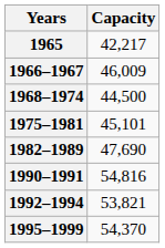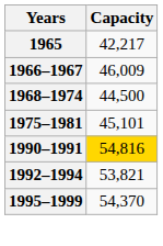 <table class="wikitable">
 <tr>
 <th scope="row">Years</th>
 <th scope="row">Capacity</th>
 </tr>
 <tr>
 <th scope="row">1965</th>
 <td style="text-align:center">42,217</td>
 </tr>
 <tr>
 <th scope="row">1966–1967</th>
 <td style="text-align:center">46,009</td>
 </tr>
 <tr>
 <th scope="row">1968–1974</th>
 <td style="text-align:center">44,500</td>
 </tr>
 <tr>
 <th scope="row">1975–1981</th>
 <td style="text-align:center">45,101</td>
 </tr>
 <tr>
-<th scope="row">1982–1989</th>
-<td style="text-align:center">47,690</td>
-</tr>
-<tr>
 <th scope="row">1990–1991</th>
-<td style="text-align:center">54,816</td>
+<td style="background: gold; text-align:center">54,816</td>
 </tr>
 <tr>
 <th scope="row">1992–1994</th>
 <td style="text-align:center">53,821</td>
 </tr>
 <tr>
 <th scope="row">1995–1999</th>
 <td style="text-align:center">54,370</td>
 </tr>
 </table>
